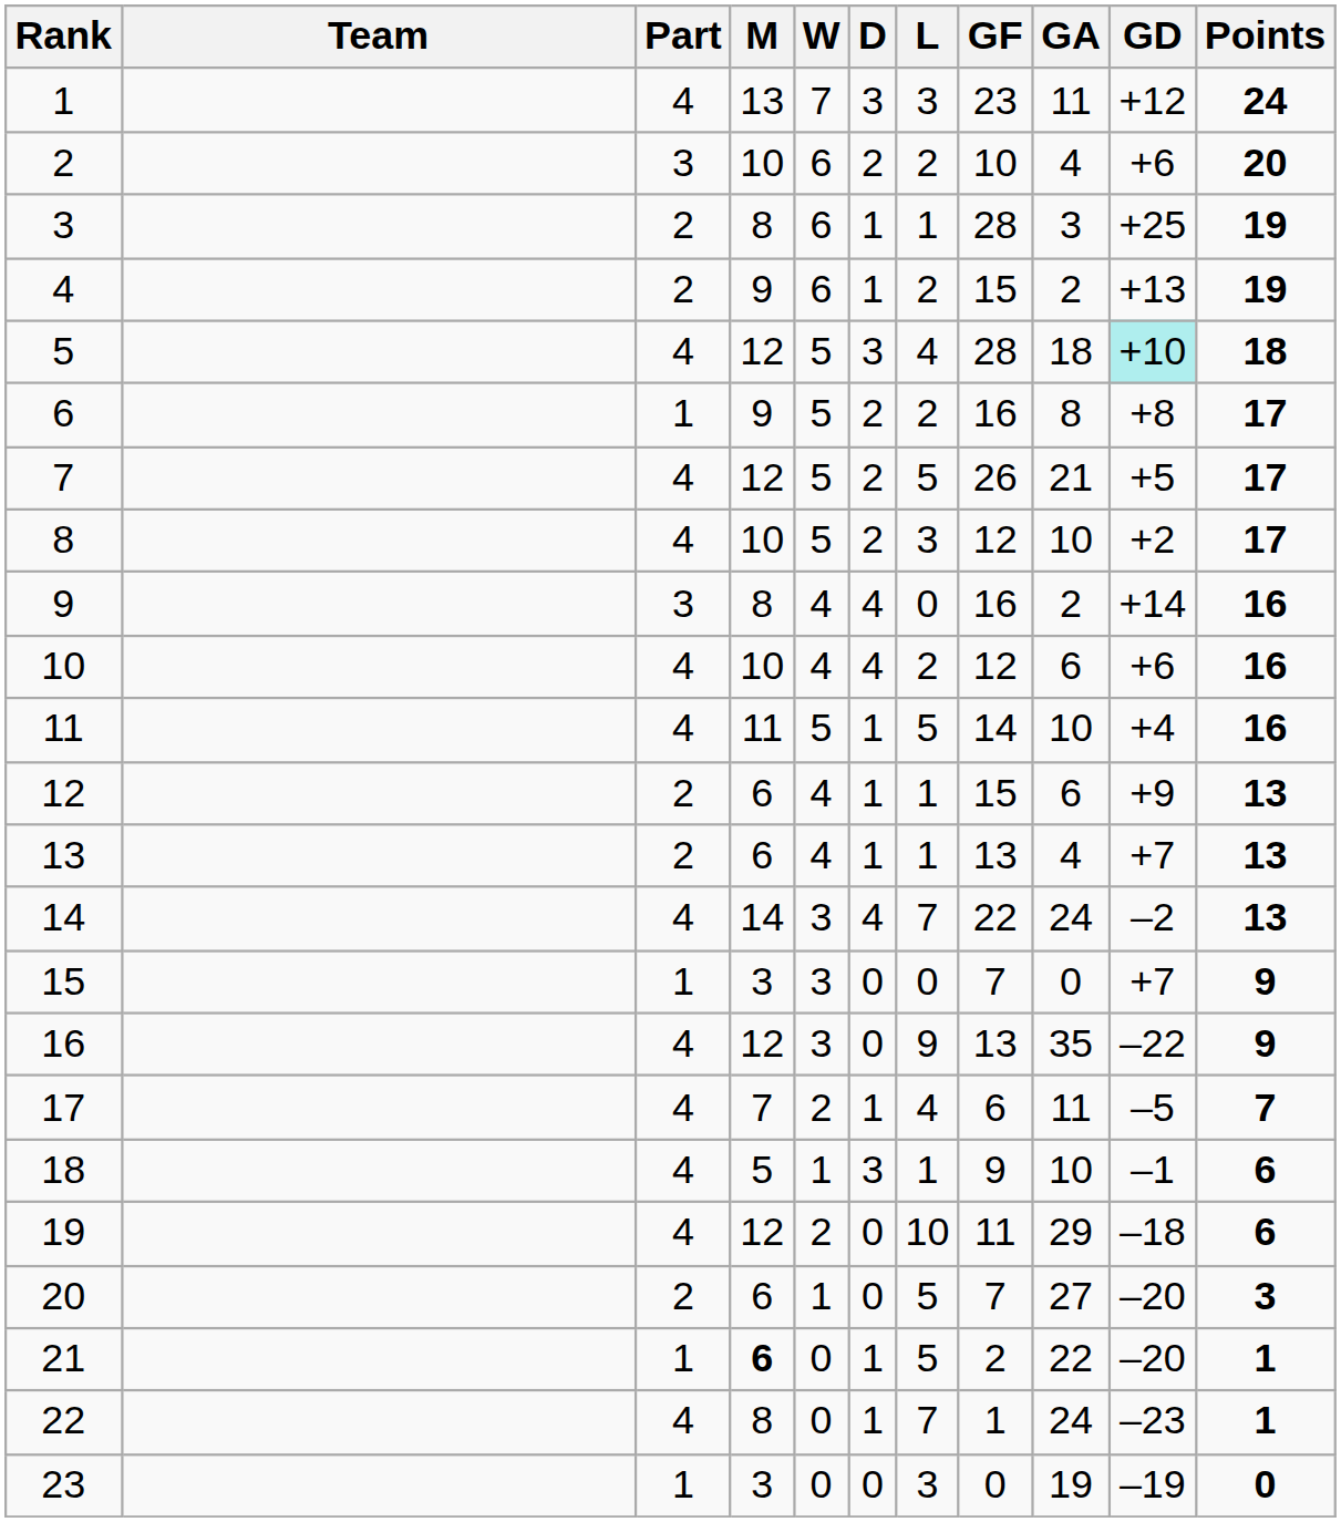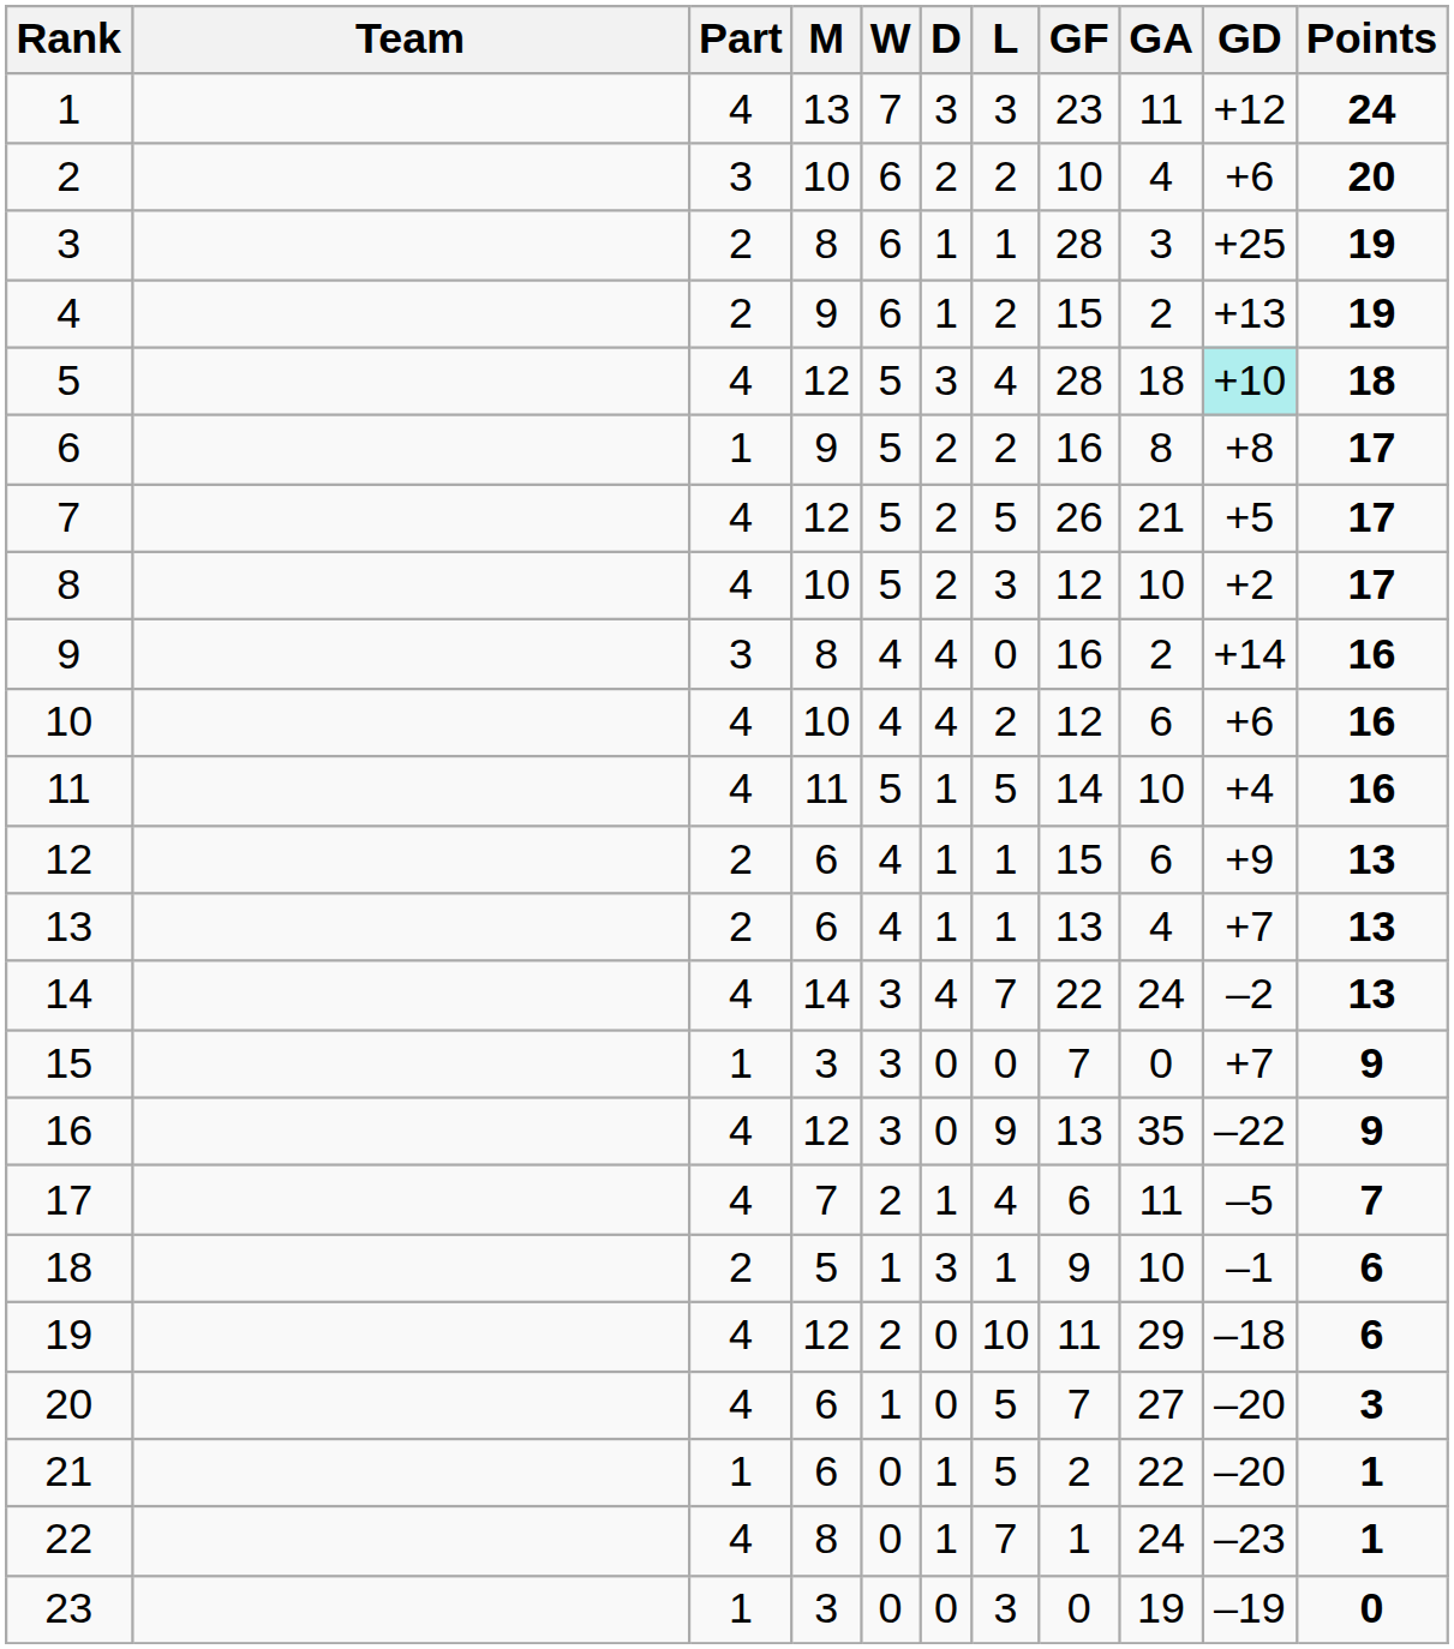 <table class="wikitable sortable" style="text-align:center">
 <tr>
 <th>Rank</th>
 <th width=200>Team</th>
 <th>Part</th>
 <th>M</th>
 <th>W</th>
 <th>D</th>
 <th>L</th>
 <th>GF</th>
 <th>GA</th>
 <th>GD</th>
 <th>Points</th>
 </tr>
 <tr>
 <td>1</td>
 <td align=left></td>
 <td>4</td>
 <td>13</td>
 <td>7</td>
 <td>3</td>
 <td>3</td>
 <td>23</td>
 <td>11</td>
 <td>+12</td>
 <td><strong>24</strong></td>
 </tr>
 <tr>
 <td>2</td>
 <td align=left></td>
 <td>3</td>
 <td>10</td>
 <td>6</td>
 <td>2</td>
 <td>2</td>
 <td>10</td>
 <td>4</td>
 <td>+6</td>
 <td><strong>20</strong></td>
 </tr>
 <tr>
 <td>3</td>
 <td align=left></td>
 <td>2</td>
 <td>8</td>
 <td>6</td>
 <td>1</td>
 <td>1</td>
 <td>28</td>
 <td>3</td>
 <td>+25</td>
 <td><strong>19</strong></td>
 </tr>
 <tr>
 <td>4</td>
 <td align=left></td>
 <td>2</td>
 <td>9</td>
 <td>6</td>
 <td>1</td>
 <td>2</td>
 <td>15</td>
 <td>2</td>
 <td>+13</td>
 <td><strong>19</strong></td>
 </tr>
 <tr>
 <td>5</td>
 <td align=left></td>
 <td>4</td>
 <td>12</td>
 <td>5</td>
 <td>3</td>
 <td>4</td>
 <td>28</td>
 <td>18</td>
 <td style="background: paleturquoise;">+10</td>
 <td><strong>18</strong></td>
 </tr>
 <tr>
 <td>6</td>
 <td align=left></td>
 <td>1</td>
 <td>9</td>
 <td>5</td>
 <td>2</td>
 <td>2</td>
 <td>16</td>
 <td>8</td>
 <td>+8</td>
 <td><strong>17</strong></td>
 </tr>
 <tr>
 <td>7</td>
 <td align=left></td>
 <td>4</td>
 <td>12</td>
 <td>5</td>
 <td>2</td>
 <td>5</td>
 <td>26</td>
 <td>21</td>
 <td>+5</td>
 <td><strong>17</strong></td>
 </tr>
 <tr>
 <td>8</td>
 <td align=left></td>
 <td>4</td>
 <td>10</td>
 <td>5</td>
 <td>2</td>
 <td>3</td>
 <td>12</td>
 <td>10</td>
 <td>+2</td>
 <td><strong>17</strong></td>
 </tr>
 <tr>
 <td>9</td>
 <td align=left></td>
 <td>3</td>
 <td>8</td>
 <td>4</td>
 <td>4</td>
 <td>0</td>
 <td>16</td>
 <td>2</td>
 <td>+14</td>
 <td><strong>16</strong></td>
 </tr>
 <tr>
 <td>10</td>
 <td align=left></td>
 <td>4</td>
 <td>10</td>
 <td>4</td>
 <td>4</td>
 <td>2</td>
 <td>12</td>
 <td>6</td>
 <td>+6</td>
 <td><strong>16</strong></td>
 </tr>
 <tr>
 <td>11</td>
 <td align=left></td>
 <td>4</td>
 <td>11</td>
 <td>5</td>
 <td>1</td>
 <td>5</td>
 <td>14</td>
 <td>10</td>
 <td>+4</td>
 <td><strong>16</strong></td>
 </tr>
 <tr>
 <td>12</td>
 <td align=left></td>
 <td>2</td>
 <td>6</td>
 <td>4</td>
 <td>1</td>
 <td>1</td>
 <td>15</td>
 <td>6</td>
 <td>+9</td>
 <td><strong>13</strong></td>
 </tr>
 <tr>
 <td>13</td>
 <td align=left></td>
 <td>2</td>
 <td>6</td>
 <td>4</td>
 <td>1</td>
 <td>1</td>
 <td>13</td>
 <td>4</td>
 <td>+7</td>
 <td><strong>13</strong></td>
 </tr>
 <tr>
 <td>14</td>
 <td align=left></td>
 <td>4</td>
 <td>14</td>
 <td>3</td>
 <td>4</td>
 <td>7</td>
 <td>22</td>
 <td>24</td>
 <td>–2</td>
 <td><strong>13</strong></td>
 </tr>
 <tr>
 <td>15</td>
 <td align=left></td>
 <td>1</td>
 <td>3</td>
 <td>3</td>
 <td>0</td>
 <td>0</td>
 <td>7</td>
 <td>0</td>
 <td>+7</td>
 <td><strong>9</strong></td>
 </tr>
 <tr>
 <td>16</td>
 <td align=left></td>
 <td>4</td>
 <td>12</td>
 <td>3</td>
 <td>0</td>
 <td>9</td>
 <td>13</td>
 <td>35</td>
 <td>–22</td>
 <td><strong>9</strong></td>
 </tr>
 <tr>
 <td>17</td>
 <td align=left></td>
 <td>4</td>
 <td>7</td>
 <td>2</td>
 <td>1</td>
 <td>4</td>
 <td>6</td>
 <td>11</td>
 <td>–5</td>
 <td><strong>7</strong></td>
 </tr>
 <tr>
 <td>18</td>
 <td align=left></td>
-<td>4</td>
+<td>2</td>
 <td>5</td>
 <td>1</td>
 <td>3</td>
 <td>1</td>
 <td>9</td>
 <td>10</td>
 <td>–1</td>
 <td><strong>6</strong></td>
 </tr>
 <tr>
 <td>19</td>
 <td align=left></td>
 <td>4</td>
 <td>12</td>
 <td>2</td>
 <td>0</td>
 <td>10</td>
 <td>11</td>
 <td>29</td>
 <td>–18</td>
 <td><strong>6</strong></td>
 </tr>
 <tr>
 <td>20</td>
 <td align=left></td>
-<td>2</td>
+<td>4</td>
 <td>6</td>
 <td>1</td>
 <td>0</td>
 <td>5</td>
 <td>7</td>
 <td>27</td>
 <td>–20</td>
 <td><strong>3</strong></td>
 </tr>
 <tr>
 <td>21</td>
 <td align=left></td>
 <td>1</td>
-<td><strong>6</strong></td>
+<td>6</td>
 <td>0</td>
 <td>1</td>
 <td>5</td>
 <td>2</td>
 <td>22</td>
 <td>–20</td>
 <td><strong>1</strong></td>
 </tr>
 <tr>
 <td>22</td>
 <td align=left></td>
 <td>4</td>
 <td>8</td>
 <td>0</td>
 <td>1</td>
 <td>7</td>
 <td>1</td>
 <td>24</td>
 <td>–23</td>
 <td><strong>1</strong></td>
 </tr>
 <tr>
 <td>23</td>
 <td align=left></td>
 <td>1</td>
 <td>3</td>
 <td>0</td>
 <td>0</td>
 <td>3</td>
 <td>0</td>
 <td>19</td>
 <td>–19</td>
 <td><strong>0</strong></td>
 </tr>
 </table>
